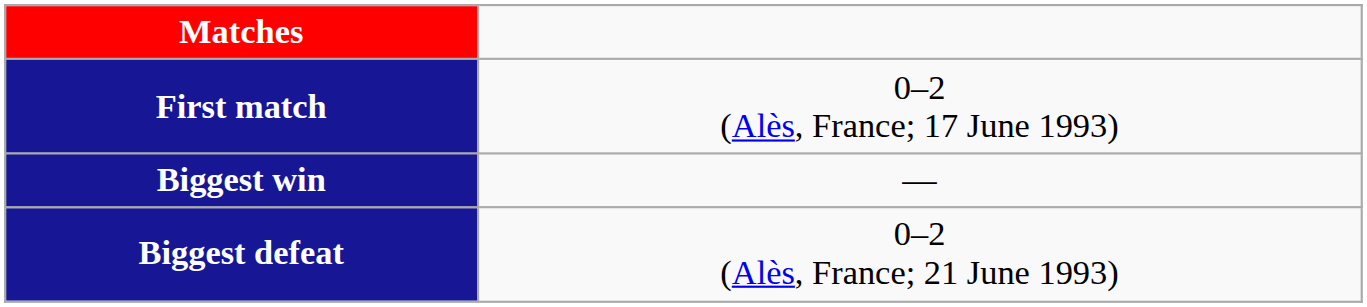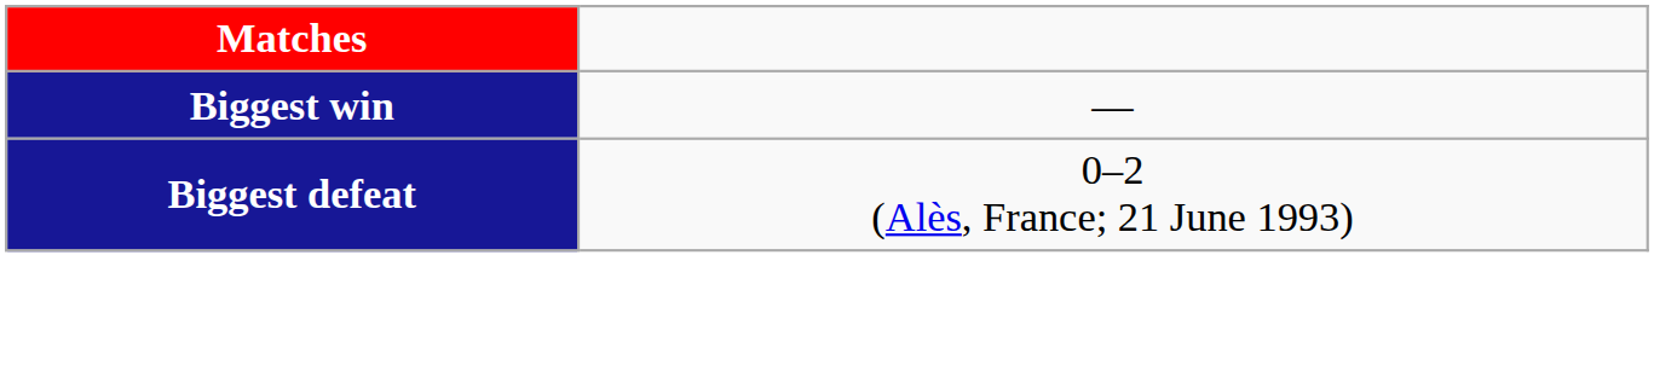 <table class="wikitable collapsible" style="width:50%; text-align:center;">
 <tr>
 <th style="background:#ff0000; color:white; "><strong>Matches</strong></th>
-</tr>
-<tr>
-<th style="background:#171796; color:white; ">First match</th>
-<td> 0–2 <br>(<a href='#'>Alès</a>, France; 17 June 1993)</td>
 </tr>
 <tr>
 <th style="background:#171796; color:white; ">Biggest win</th>
 <td>—</td>
 </tr>
 <tr>
 <th style="background:#171796; color:white; ">Biggest defeat</th>
 <td> 0–2 <br>(<a href='#'>Alès</a>, France; 21 June 1993)</td>
 </tr>
 </table>
